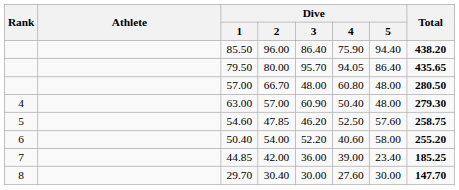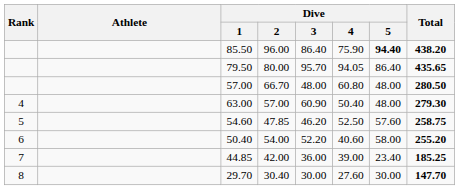 <table class=wikitable style="text-align:center">
 <tr>
 <th rowspan="2" width=40>Rank</th>
 <th rowspan="2" width=250>Athlete</th>
 <th colspan="5">Dive</th>
 <th rowspan="2" width=60>Total</th>
 </tr>
 <tr>
 <th width=45>1</th>
 <th width=45>2</th>
 <th width=45>3</th>
 <th width=45>4</th>
 <th width=45>5</th>
 </tr>
 <tr>
 <td></td>
 <td align=left></td>
 <td>85.50</td>
 <td>96.00</td>
 <td>86.40</td>
 <td>75.90</td>
-<td>94.40</td>
+<td><strong>94.40</strong></td>
 <td><strong>438.20</strong></td>
 </tr>
 <tr>
 <td></td>
 <td align=left></td>
 <td>79.50</td>
 <td>80.00</td>
 <td>95.70</td>
 <td>94.05</td>
 <td>86.40</td>
 <td><strong>435.65</strong></td>
 </tr>
 <tr>
 <td></td>
 <td align=left></td>
 <td>57.00</td>
 <td>66.70</td>
 <td>48.00</td>
 <td>60.80</td>
 <td>48.00</td>
 <td><strong>280.50</strong></td>
 </tr>
 <tr>
 <td>4</td>
 <td align=left></td>
 <td>63.00</td>
 <td>57.00</td>
 <td>60.90</td>
 <td>50.40</td>
 <td>48.00</td>
 <td><strong>279.30</strong></td>
 </tr>
 <tr>
 <td>5</td>
 <td align=left></td>
 <td>54.60</td>
 <td>47.85</td>
 <td>46.20</td>
 <td>52.50</td>
 <td>57.60</td>
 <td><strong>258.75</strong></td>
 </tr>
 <tr>
 <td>6</td>
 <td align=left></td>
 <td>50.40</td>
 <td>54.00</td>
 <td>52.20</td>
 <td>40.60</td>
 <td>58.00</td>
 <td><strong>255.20</strong></td>
 </tr>
 <tr>
 <td>7</td>
 <td align=left></td>
 <td>44.85</td>
 <td>42.00</td>
 <td>36.00</td>
 <td>39.00</td>
 <td>23.40</td>
 <td><strong>185.25</strong></td>
 </tr>
 <tr>
 <td>8</td>
 <td align=left></td>
 <td>29.70</td>
 <td>30.40</td>
 <td>30.00</td>
 <td>27.60</td>
 <td>30.00</td>
 <td><strong>147.70</strong></td>
 </tr>
 </table>
